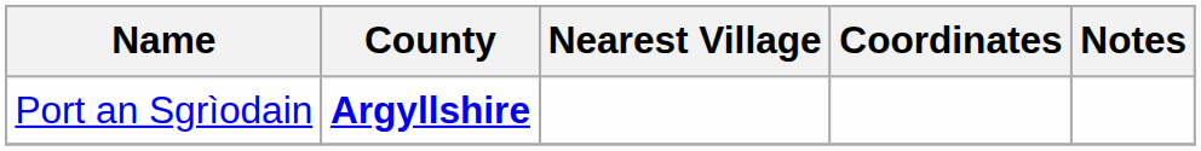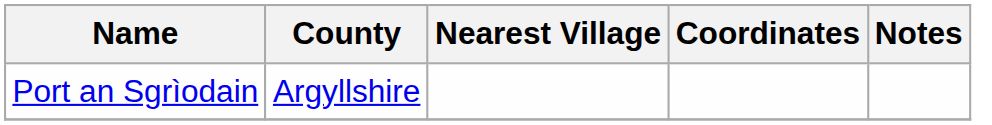 <table class="wikitable sortable" style="table-layout:fixed;background-color:#FEFEFE;font-size:95%;padding:0.30em;line-height:1.35em;">
 <tr>
 <th scope="col">Name</th>
 <th scope="col">County</th>
 <th scope="col">Nearest Village</th>
 <th scope="col" data-sort-type="number">Coordinates</th>
 <th scope="col">Notes</th>
 </tr>
 <tr>
 <td><a href='#'>Port an Sgrìodain</a></td>
-<td><strong><a href='#'>Argyllshire</a></strong></td>
+<td><a href='#'>Argyllshire</a></td>
 <td></td>
 <td></td>
 <td></td>
 </tr>
 <tr>
 </tr>
 </table>
